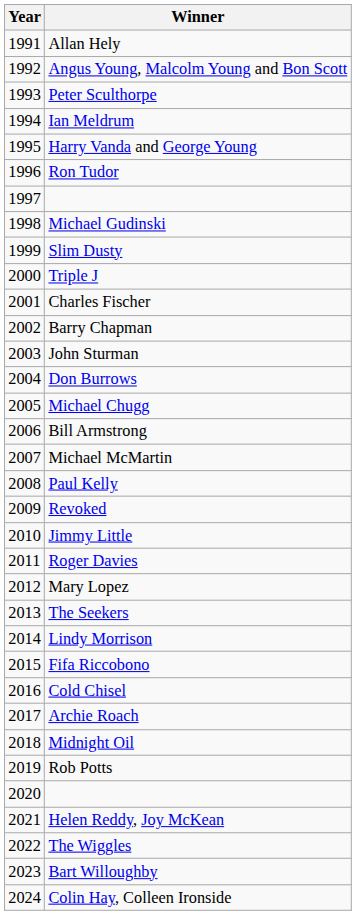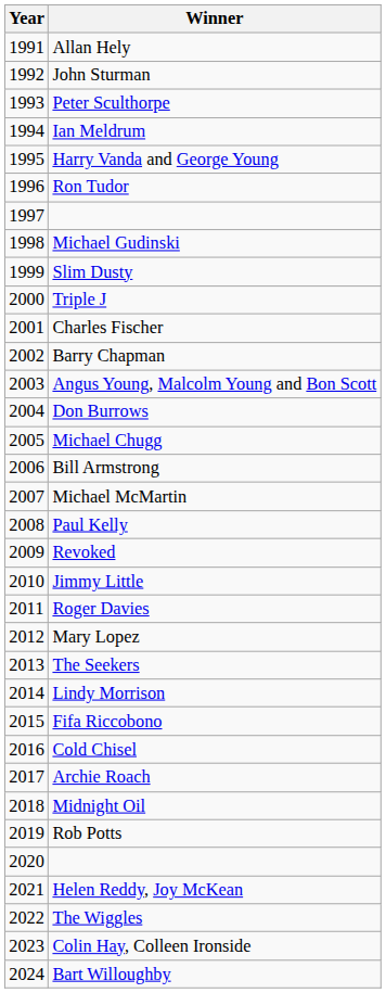 <table class="wikitable">
 <tr>
 <th>Year</th>
 <th>Winner</th>
 </tr>
 <tr>
 <td>1991</td>
 <td>Allan Hely</td>
 </tr>
 <tr>
 <td>1992</td>
-<td><a href='#'>Angus Young</a>, <a href='#'>Malcolm Young</a> and <a href='#'>Bon Scott</a></td>
+<td>John Sturman</td>
 </tr>
 <tr>
 <td>1993</td>
 <td><a href='#'>Peter Sculthorpe</a></td>
 </tr>
 <tr>
 <td>1994</td>
 <td><a href='#'>Ian Meldrum</a></td>
 </tr>
 <tr>
 <td>1995</td>
 <td><a href='#'>Harry Vanda</a> and <a href='#'>George Young</a></td>
 </tr>
 <tr>
 <td>1996</td>
 <td><a href='#'>Ron Tudor</a></td>
 </tr>
 <tr>
 <td>1997</td>
 <td></td>
 </tr>
 <tr>
 <td>1998</td>
 <td><a href='#'>Michael Gudinski</a></td>
 </tr>
 <tr>
 <td>1999</td>
 <td><a href='#'>Slim Dusty</a></td>
 </tr>
 <tr>
 <td>2000</td>
 <td><a href='#'>Triple J</a></td>
 </tr>
 <tr>
 <td>2001</td>
 <td>Charles Fischer</td>
 </tr>
 <tr>
 <td>2002</td>
 <td>Barry Chapman</td>
 </tr>
 <tr>
 <td>2003</td>
-<td>John Sturman</td>
+<td><a href='#'>Angus Young</a>, <a href='#'>Malcolm Young</a> and <a href='#'>Bon Scott</a></td>
 </tr>
 <tr>
 <td>2004</td>
 <td><a href='#'>Don Burrows</a></td>
 </tr>
 <tr>
 <td>2005</td>
 <td><a href='#'>Michael Chugg</a></td>
 </tr>
 <tr>
 <td>2006</td>
 <td>Bill Armstrong</td>
 </tr>
 <tr>
 <td>2007</td>
 <td>Michael McMartin</td>
 </tr>
 <tr>
 <td>2008</td>
 <td><a href='#'>Paul Kelly</a></td>
 </tr>
 <tr>
 <td>2009</td>
 <td><a href='#'>Revoked</a></td>
 </tr>
 <tr>
 <td>2010</td>
 <td><a href='#'>Jimmy Little</a></td>
 </tr>
 <tr>
 <td>2011</td>
 <td><a href='#'>Roger Davies</a></td>
 </tr>
 <tr>
 <td>2012</td>
 <td>Mary Lopez</td>
 </tr>
 <tr>
 <td>2013</td>
 <td><a href='#'>The Seekers</a></td>
 </tr>
 <tr>
 <td>2014</td>
 <td><a href='#'>Lindy Morrison</a></td>
 </tr>
 <tr>
 <td>2015</td>
 <td><a href='#'>Fifa Riccobono</a></td>
 </tr>
 <tr>
 <td>2016</td>
 <td><a href='#'>Cold Chisel</a></td>
 </tr>
 <tr>
 <td>2017</td>
 <td><a href='#'>Archie Roach</a></td>
 </tr>
 <tr>
 <td>2018</td>
 <td><a href='#'>Midnight Oil</a></td>
 </tr>
 <tr>
 <td>2019</td>
 <td>Rob Potts</td>
 </tr>
 <tr>
 <td>2020</td>
 <td></td>
 </tr>
 <tr>
 <td>2021</td>
 <td><a href='#'>Helen Reddy</a>, <a href='#'>Joy McKean</a></td>
 </tr>
 <tr>
 <td>2022</td>
 <td><a href='#'>The Wiggles</a></td>
 </tr>
 <tr>
 <td>2023</td>
-<td><a href='#'>Bart Willoughby</a></td>
+<td><a href='#'>Colin Hay</a>, Colleen Ironside</td>
 </tr>
 <tr>
 <td>2024</td>
-<td><a href='#'>Colin Hay</a>, Colleen Ironside</td>
+<td><a href='#'>Bart Willoughby</a></td>
 </tr>
 </table>
